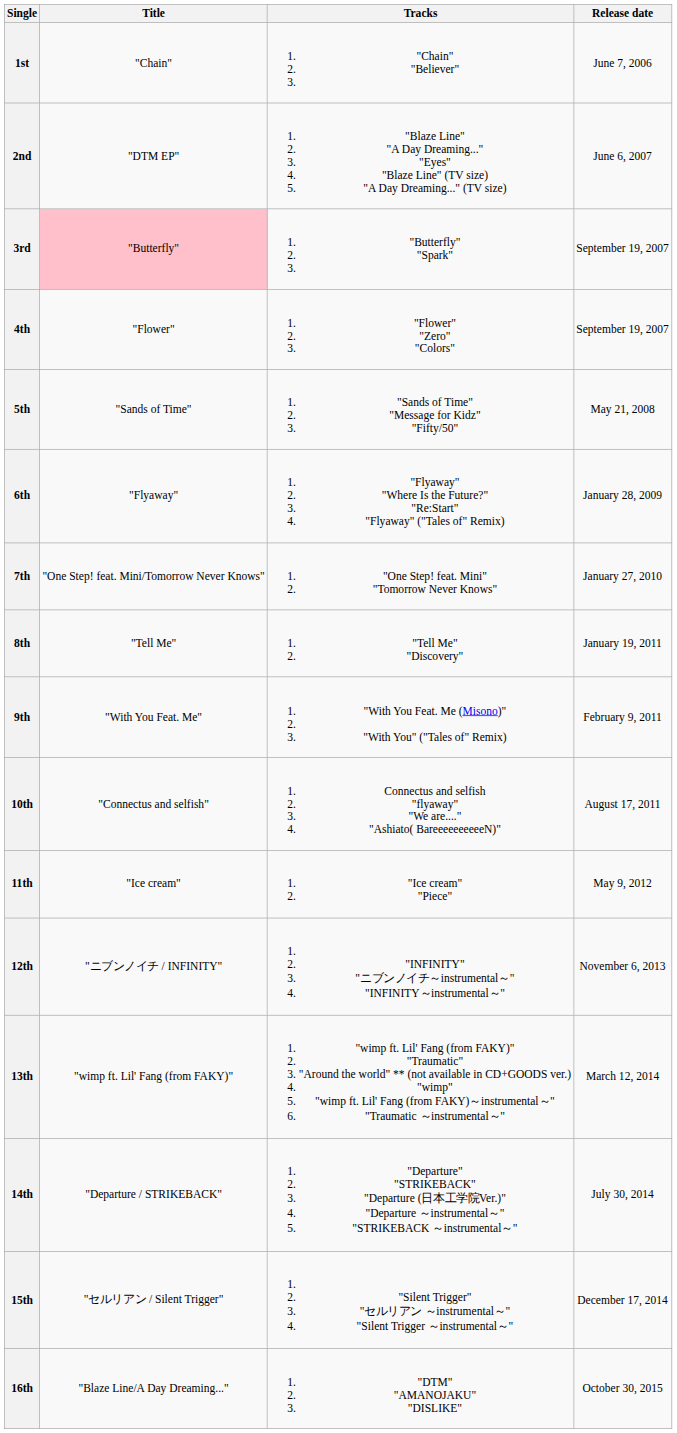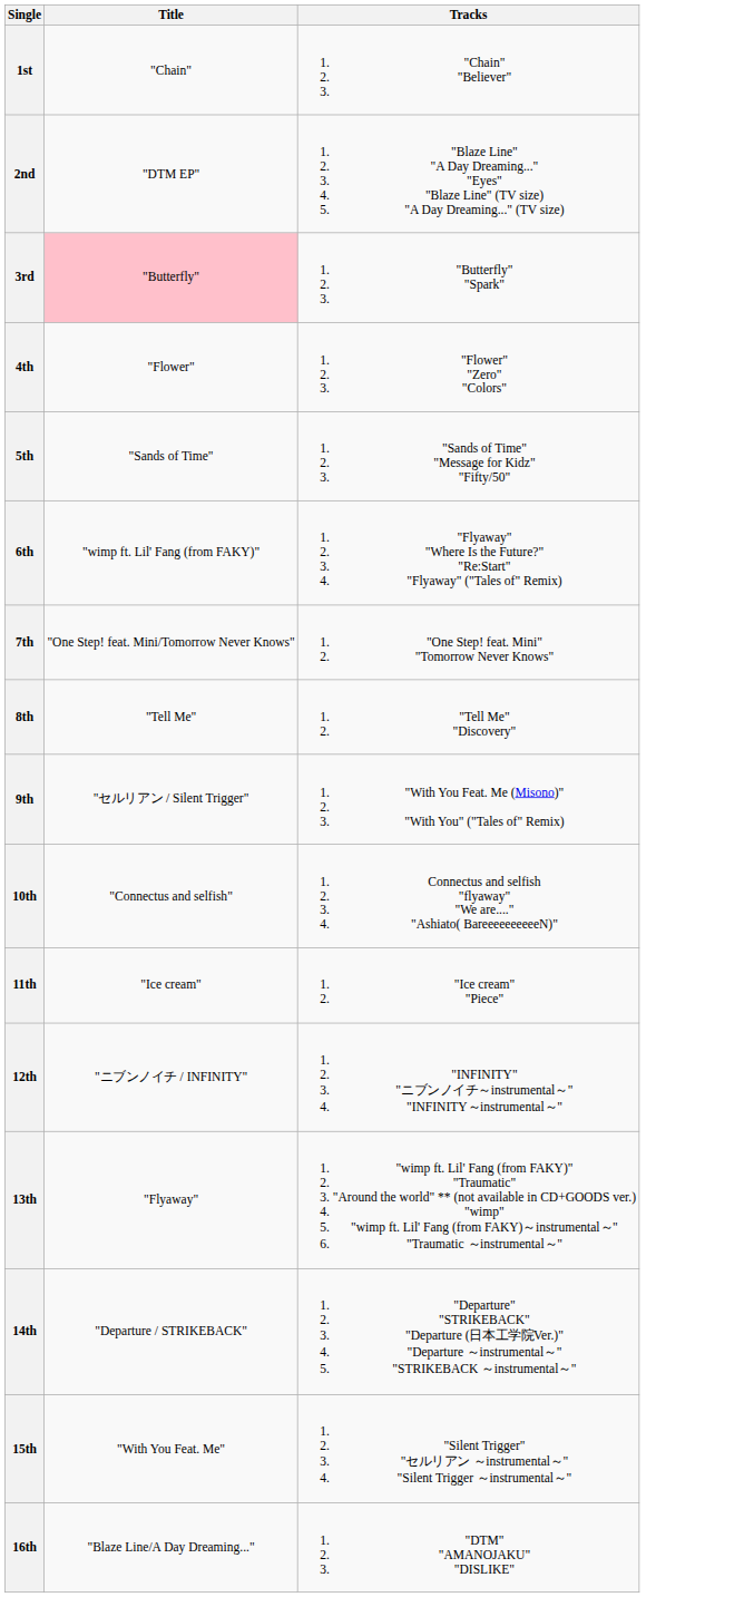 <table class="wikitable" style="text-align: center">
 <tr>
 <th>Single</th>
 <th>Title</th>
 <th>Tracks</th>
-<th>Release date</th>
 </tr>
 <tr>
 <th>1st</th>
 <td>"Chain"</td>
 <td><br><ol><li>"Chain"</li><li>"Believer"</li><li></li></ol></td>
-<td>June 7, 2006</td>
 </tr>
 <tr>
 <th>2nd</th>
 <td>"DTM EP"</td>
 <td><br><ol><li>"Blaze Line"</li><li>"A Day Dreaming..."</li><li>"Eyes"</li><li>"Blaze Line" (TV size)</li><li>"A Day Dreaming..." (TV size)</li></ol></td>
-<td>June 6, 2007</td>
 </tr>
 <tr>
 <th>3rd</th>
 <td style="background: pink;">"Butterfly"</td>
 <td><br><ol><li>"Butterfly"</li><li>"Spark"</li><li></li></ol></td>
-<td>September 19, 2007</td>
 </tr>
 <tr>
 <th>4th</th>
 <td>"Flower"</td>
 <td><br><ol><li>"Flower"</li><li>"Zero"</li><li>"Colors"</li></ol></td>
-<td>September 19, 2007</td>
 </tr>
 <tr>
 <th>5th</th>
 <td>"Sands of Time"</td>
 <td><br><ol><li>"Sands of Time"</li><li>"Message for Kidz"</li><li>"Fifty/50"</li></ol></td>
-<td>May 21, 2008</td>
 </tr>
 <tr>
 <th>6th</th>
-<td>"Flyaway"</td>
+<td>"wimp ft. Lil' Fang (from FAKY)"</td>
 <td><br><ol><li>"Flyaway"</li><li>"Where Is the Future?"</li><li>"Re:Start"</li><li>"Flyaway" ("Tales of" Remix)</li></ol></td>
-<td>January 28, 2009</td>
 </tr>
 <tr>
 <th>7th</th>
 <td>"One Step! feat. Mini/Tomorrow Never Knows"</td>
 <td><br><ol><li>"One Step! feat. Mini"</li><li>"Tomorrow Never Knows"</li></ol></td>
-<td>January 27, 2010</td>
 </tr>
 <tr>
 <th>8th</th>
 <td>"Tell Me"</td>
 <td><br><ol><li>"Tell Me"</li><li>"Discovery"</li></ol></td>
-<td>January 19, 2011</td>
 </tr>
 <tr>
 <th>9th</th>
-<td>"With You Feat. Me"</td>
+<td>"セルリアン / Silent Trigger"</td>
 <td><br><ol><li>"With You Feat. Me (<a href='#'>Misono</a>)"</li><li></li><li>"With You" ("Tales of" Remix)</li></ol></td>
-<td>February 9, 2011</td>
 </tr>
 <tr>
 <th>10th</th>
 <td>"Connectus and selfish"</td>
 <td><br><ol><li>Connectus and selfish</li><li>"flyaway"</li><li>"We are...."</li><li>"Ashiato( BareeeeeeeeeeN)"</li></ol></td>
-<td>August 17, 2011</td>
 </tr>
 <tr>
 <th>11th</th>
 <td>"Ice cream"</td>
 <td><br><ol><li>"Ice cream"</li><li>"Piece"</li></ol></td>
-<td>May 9, 2012</td>
 </tr>
 <tr>
 <th>12th</th>
 <td>"ニブンノイチ / INFINITY"</td>
 <td><br><ol><li></li><li>"INFINITY"</li><li>"ニブンノイチ～instrumental～"</li><li>"INFINITY～instrumental～"</li></ol></td>
-<td>November 6, 2013</td>
 </tr>
 <tr>
 <th>13th</th>
-<td>"wimp ft. Lil' Fang (from FAKY)"</td>
+<td>"Flyaway"</td>
 <td><br><ol><li>"wimp ft. Lil' Fang (from FAKY)"</li><li>"Traumatic"</li><li>"Around the world" ** (not available in CD+GOODS ver.)</li><li>"wimp"</li><li>"wimp ft. Lil' Fang (from FAKY)～instrumental～"</li><li>"Traumatic ～instrumental～"</li></ol></td>
-<td>March 12, 2014</td>
 </tr>
 <tr>
 <th>14th</th>
 <td>"Departure / STRIKEBACK"</td>
 <td><br><ol><li>"Departure"</li><li>"STRIKEBACK"</li><li>"Departure (日本工学院Ver.)"</li><li>"Departure ～instrumental～"</li><li>"STRIKEBACK ～instrumental～"</li></ol></td>
-<td>July 30, 2014</td>
 </tr>
 <tr>
 <th>15th</th>
-<td>"セルリアン / Silent Trigger"</td>
+<td>"With You Feat. Me"</td>
 <td><br><ol><li></li><li>"Silent Trigger"</li><li>"セルリアン ～instrumental～"</li><li>"Silent Trigger ～instrumental～"</li></ol></td>
-<td>December 17, 2014</td>
 </tr>
 <tr>
 <th>16th</th>
 <td>"Blaze Line/A Day Dreaming..."</td>
 <td><br><ol><li>"DTM"</li><li>"AMANOJAKU"</li><li>"DISLIKE"</li></ol></td>
-<td>October 30, 2015</td>
 </tr>
 </table>
